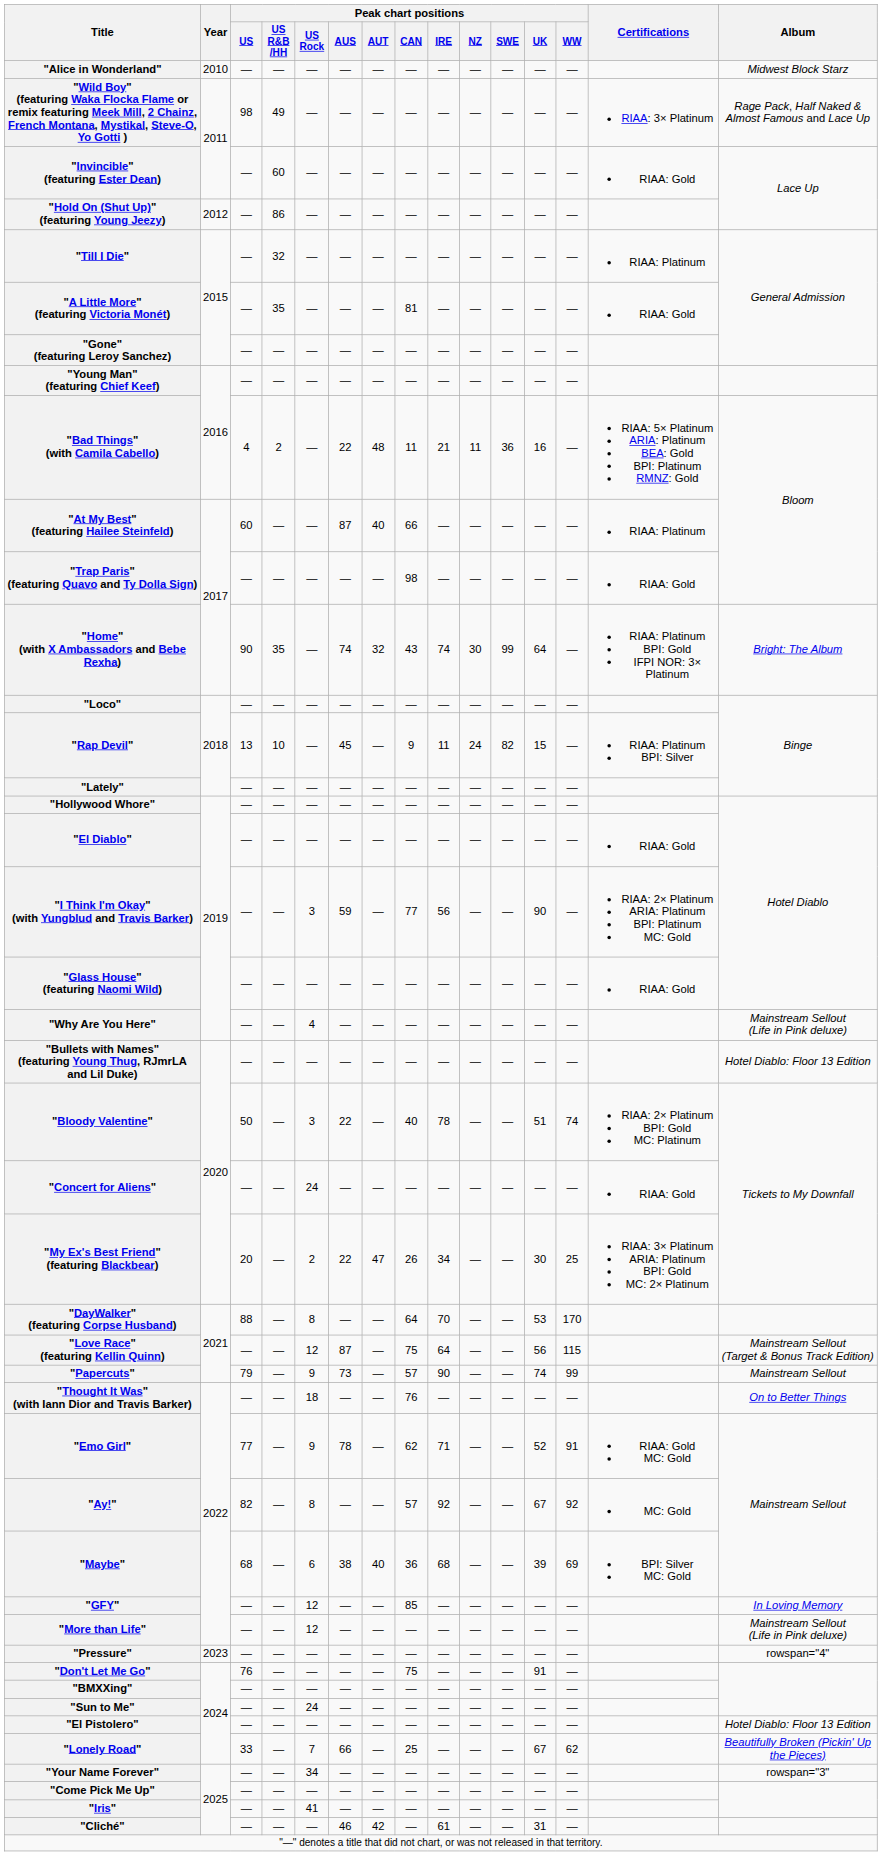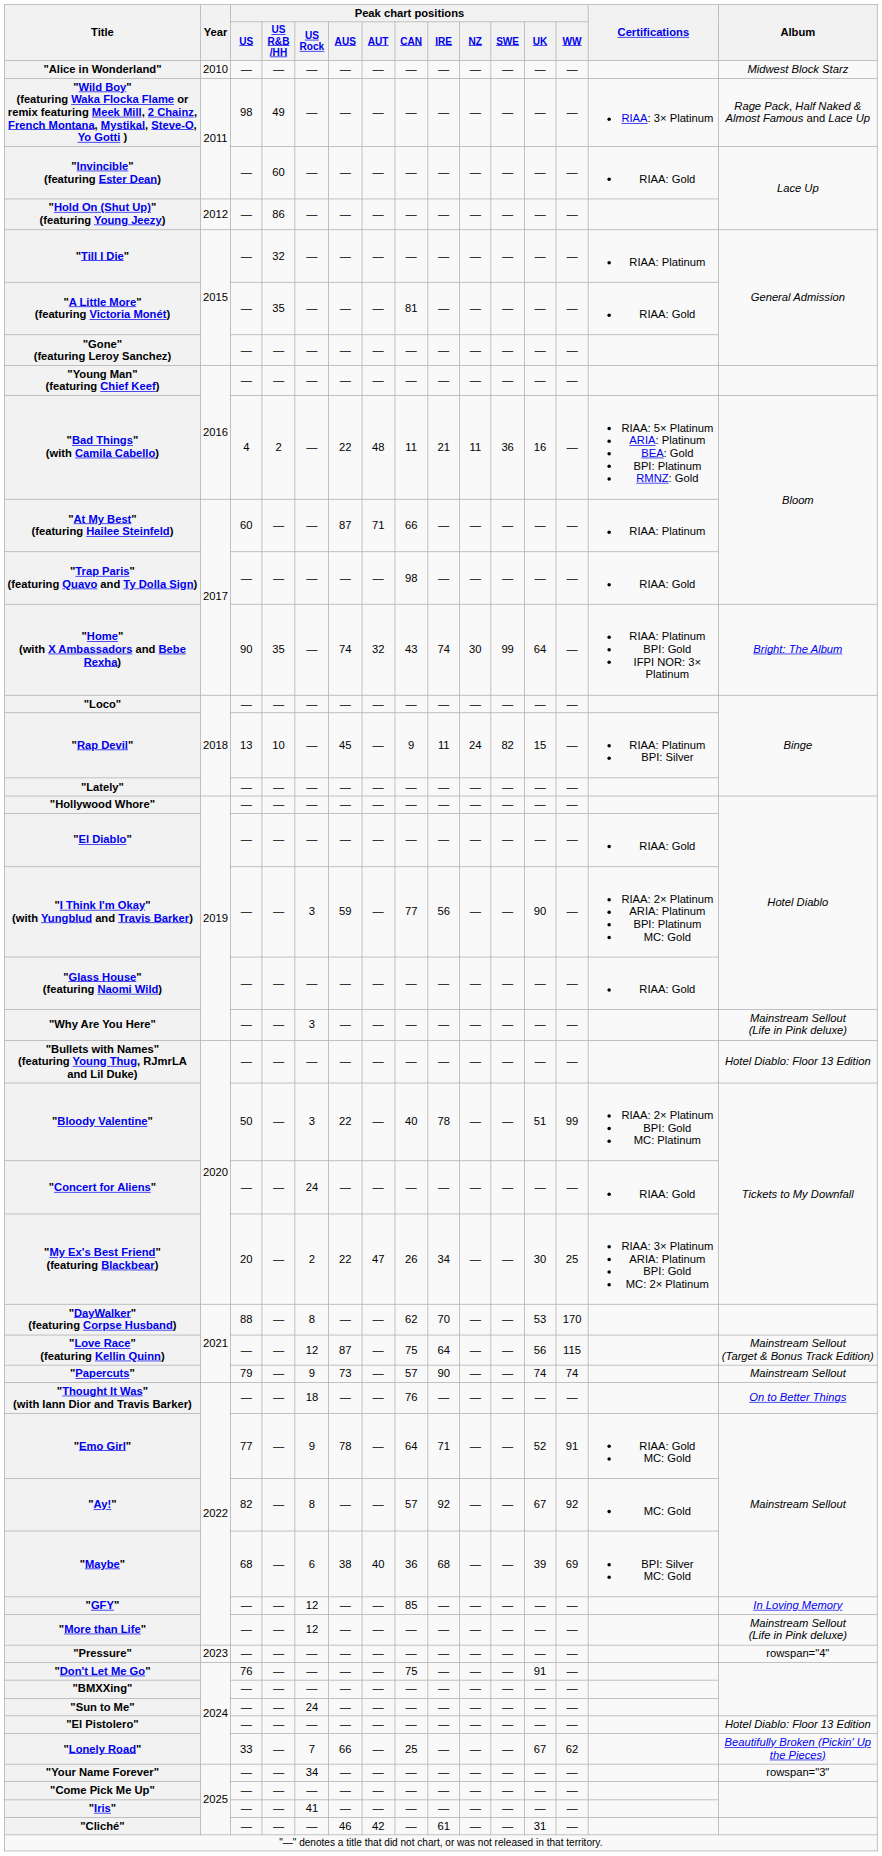 <table class="wikitable plainrowheaders" style="text-align:center;">
 <tr>
 <th scope="col" rowspan="2" style="width:20em;">Title</th>
 <th scope="col" rowspan="2" style="width:1em;">Year</th>
 <th scope="col" colspan="11">Peak chart positions</th>
 <th scope="col" rowspan="2" style="width:12.5em;"><a href='#'>Certifications</a></th>
 <th scope="col" rowspan="2" style="width:16em;">Album</th>
 </tr>
 <tr>
 <th style="width:3em;font-size:90%;"><a href='#'>US</a><br></th>
 <th style="width:3em;font-size:90%;"><a href='#'>US<br>R&B<br>/HH</a><br></th>
 <th style="width:3em;font-size:90%;"><a href='#'>US<br>Rock</a><br></th>
 <th style="width:3em;font-size:90%;"><a href='#'>AUS</a><br></th>
 <th style="width:3em;font-size:90%;"><a href='#'>AUT</a><br></th>
 <th style="width:3em;font-size:90%;"><a href='#'>CAN</a><br></th>
 <th style="width:3em;font-size:90%;"><a href='#'>IRE</a><br></th>
 <th style="width:3em;font-size:90%;"><a href='#'>NZ</a><br></th>
 <th style="width:3em;font-size:90%;"><a href='#'>SWE</a><br></th>
 <th style="width:3em;font-size:90%;"><a href='#'>UK</a><br></th>
 <th style="width:3em;font-size:90%;"><a href='#'>WW</a><br></th>
 </tr>
 <tr>
 <th scope="row">"Alice in Wonderland"</th>
 <td>2010</td>
 <td>—</td>
 <td>—</td>
 <td>—</td>
 <td>—</td>
 <td>—</td>
 <td>—</td>
 <td>—</td>
 <td>—</td>
 <td>—</td>
 <td>—</td>
 <td>—</td>
 <td></td>
 <td><em>Midwest Block Starz</em></td>
 </tr>
 <tr>
 <th scope="row">"<a href='#'>Wild Boy</a>"<br><span>(featuring <a href='#'>Waka Flocka Flame</a> or remix featuring <a href='#'>Meek Mill</a>, <a href='#'>2 Chainz</a>, <a href='#'>French Montana</a>, <a href='#'>Mystikal</a>, <a href='#'>Steve-O</a>, <a href='#'>Yo Gotti</a> )</span></th>
 <td rowspan="2">2011</td>
 <td>98</td>
 <td>49</td>
 <td>—</td>
 <td>—</td>
 <td>—</td>
 <td>—</td>
 <td>—</td>
 <td>—</td>
 <td>—</td>
 <td>—</td>
 <td>—</td>
 <td><br><ul><li><a href='#'>RIAA</a>: 3× Platinum</li></ul></td>
 <td><em>Rage Pack</em>, <em>Half Naked & Almost Famous</em> and <em>Lace Up</em></td>
 </tr>
 <tr>
 <th scope="row">"<a href='#'>Invincible</a>"<br><span>(featuring <a href='#'>Ester Dean</a>)</span></th>
 <td>—</td>
 <td>60</td>
 <td>—</td>
 <td>—</td>
 <td>—</td>
 <td>—</td>
 <td>—</td>
 <td>—</td>
 <td>—</td>
 <td>—</td>
 <td>—</td>
 <td><br><ul><li>RIAA: Gold</li></ul></td>
 <td rowspan="2"><em>Lace Up</em></td>
 </tr>
 <tr>
 <th scope="row">"<a href='#'>Hold On (Shut Up)</a>"<br><span>(featuring <a href='#'>Young Jeezy</a>)</span></th>
 <td>2012</td>
 <td>—</td>
 <td>86</td>
 <td>—</td>
 <td>—</td>
 <td>—</td>
 <td>—</td>
 <td>—</td>
 <td>—</td>
 <td>—</td>
 <td>—</td>
 <td>—</td>
 <td></td>
 </tr>
 <tr>
 <th scope="row">"<a href='#'>Till I Die</a>"</th>
 <td rowspan="3">2015</td>
 <td>—</td>
 <td>32</td>
 <td>—</td>
 <td>—</td>
 <td>—</td>
 <td>—</td>
 <td>—</td>
 <td>—</td>
 <td>—</td>
 <td>—</td>
 <td>—</td>
 <td><br><ul><li>RIAA: Platinum</li></ul></td>
 <td rowspan="3"><em>General Admission</em></td>
 </tr>
 <tr>
 <th scope="row">"<a href='#'>A Little More</a>"<br><span>(featuring <a href='#'>Victoria Monét</a>)</span></th>
 <td>—</td>
 <td>35</td>
 <td>—</td>
 <td>—</td>
 <td>—</td>
 <td>81</td>
 <td>—</td>
 <td>—</td>
 <td>—</td>
 <td>—</td>
 <td>—</td>
 <td><br><ul><li>RIAA: Gold</li></ul></td>
 </tr>
 <tr>
 <th scope="row">"Gone"<br><span>(featuring Leroy Sanchez)</span></th>
 <td>—</td>
 <td>—</td>
 <td>—</td>
 <td>—</td>
 <td>—</td>
 <td>—</td>
 <td>—</td>
 <td>—</td>
 <td>—</td>
 <td>—</td>
 <td>—</td>
 <td></td>
 </tr>
 <tr>
 <th scope="row">"Young Man"<br><span>(featuring <a href='#'>Chief Keef</a>)</span></th>
 <td rowspan="2">2016</td>
 <td>—</td>
 <td>—</td>
 <td>—</td>
 <td>—</td>
 <td>—</td>
 <td>—</td>
 <td>—</td>
 <td>—</td>
 <td>—</td>
 <td>—</td>
 <td>—</td>
 <td></td>
 <td></td>
 </tr>
 <tr>
 <th scope="row">"<a href='#'>Bad Things</a>"<br><span>(with <a href='#'>Camila Cabello</a>)</span></th>
 <td>4</td>
 <td>2</td>
 <td>—</td>
 <td>22</td>
 <td>48</td>
 <td>11</td>
 <td>21</td>
 <td>11</td>
 <td>36</td>
 <td>16</td>
 <td>—</td>
 <td><br><ul><li>RIAA: 5× Platinum</li><li><a href='#'>ARIA</a>: Platinum</li><li><a href='#'>BEA</a>: Gold</li><li>BPI: Platinum</li><li><a href='#'>RMNZ</a>: Gold</li></ul></td>
 <td rowspan="3"><em>Bloom</em></td>
 </tr>
 <tr>
 <th scope="row">"<a href='#'>At My Best</a>"<br><span>(featuring <a href='#'>Hailee Steinfeld</a>)</span></th>
 <td rowspan="3">2017</td>
 <td>60</td>
 <td>—</td>
 <td>—</td>
 <td>87</td>
-<td>40</td>
+<td>71</td>
 <td>66</td>
 <td>—</td>
 <td>—</td>
 <td>—</td>
 <td>—</td>
 <td>—</td>
 <td><br><ul><li>RIAA: Platinum</li></ul></td>
 </tr>
 <tr>
 <th scope="row">"<a href='#'>Trap Paris</a>"<br><span>(featuring <a href='#'>Quavo</a> and <a href='#'>Ty Dolla Sign</a>)</span></th>
 <td>—</td>
 <td>—</td>
 <td>—</td>
 <td>—</td>
 <td>—</td>
 <td>98</td>
 <td>—</td>
 <td>—</td>
 <td>—</td>
 <td>—</td>
 <td>—</td>
 <td><br><ul><li>RIAA: Gold</li></ul></td>
 </tr>
 <tr>
 <th scope="row">"<a href='#'>Home</a>"<br><span>(with <a href='#'>X Ambassadors</a> and <a href='#'>Bebe Rexha</a>)</span></th>
 <td>90</td>
 <td>35</td>
 <td>—</td>
 <td>74</td>
 <td>32</td>
 <td>43</td>
 <td>74</td>
 <td>30</td>
 <td>99</td>
 <td>64</td>
 <td>—</td>
 <td><br><ul><li>RIAA: Platinum</li><li>BPI: Gold</li><li>IFPI NOR: 3× Platinum</li></ul></td>
 <td><em><a href='#'>Bright: The Album</a></em></td>
 </tr>
 <tr>
 <th scope="row">"Loco"</th>
 <td rowspan="3">2018</td>
 <td>—</td>
 <td>—</td>
 <td>—</td>
 <td>—</td>
 <td>—</td>
 <td>—</td>
 <td>—</td>
 <td>—</td>
 <td>—</td>
 <td>—</td>
 <td>—</td>
 <td></td>
 <td rowspan="3"><em>Binge</em></td>
 </tr>
 <tr>
 <th scope="row">"<a href='#'>Rap Devil</a>"</th>
 <td>13</td>
 <td>10</td>
 <td>—</td>
 <td>45</td>
 <td>—</td>
 <td>9</td>
 <td>11</td>
 <td>24</td>
 <td>82</td>
 <td>15</td>
 <td>—</td>
 <td><br><ul><li>RIAA: Platinum</li><li>BPI: Silver</li></ul></td>
 </tr>
 <tr>
 <th scope="row">"Lately"</th>
 <td>—</td>
 <td>—</td>
 <td>—</td>
 <td>—</td>
 <td>—</td>
 <td>—</td>
 <td>—</td>
 <td>—</td>
 <td>—</td>
 <td>—</td>
 <td>—</td>
 <td></td>
 </tr>
 <tr>
 <th scope="row">"Hollywood Whore"</th>
 <td rowspan="5">2019</td>
 <td>—</td>
 <td>—</td>
 <td>—</td>
 <td>—</td>
 <td>—</td>
 <td>—</td>
 <td>—</td>
 <td>—</td>
 <td>—</td>
 <td>—</td>
 <td>—</td>
 <td></td>
 <td rowspan="4"><em>Hotel Diablo</em></td>
 </tr>
 <tr>
 <th scope="row">"<a href='#'>El Diablo</a>"</th>
 <td>—</td>
 <td>—</td>
 <td>—</td>
 <td>—</td>
 <td>—</td>
 <td>—</td>
 <td>—</td>
 <td>—</td>
 <td>—</td>
 <td>—</td>
 <td>—</td>
 <td><br><ul><li>RIAA: Gold</li></ul></td>
 </tr>
 <tr>
 <th scope="row">"<a href='#'>I Think I'm Okay</a>"<br><span>(with <a href='#'>Yungblud</a> and <a href='#'>Travis Barker</a>)</span></th>
 <td>—</td>
 <td>—</td>
 <td>3</td>
 <td>59</td>
 <td>—</td>
 <td>77</td>
 <td>56</td>
 <td>—</td>
 <td>—</td>
 <td>90</td>
 <td>—</td>
 <td><br><ul><li>RIAA: 2× Platinum</li><li>ARIA: Platinum</li><li>BPI: Platinum</li><li>MC: Gold</li></ul></td>
 </tr>
 <tr>
 <th scope="row">"<a href='#'>Glass House</a>"<br><span>(featuring <a href='#'>Naomi Wild</a>)</span></th>
 <td>—</td>
 <td>—</td>
 <td>—</td>
 <td>—</td>
 <td>—</td>
 <td>—</td>
 <td>—</td>
 <td>—</td>
 <td>—</td>
 <td>—</td>
 <td>—</td>
 <td><br><ul><li>RIAA: Gold</li></ul></td>
 </tr>
 <tr>
 <th scope="row">"Why Are You Here"</th>
 <td>—</td>
 <td>—</td>
-<td>4</td>
+<td>3</td>
 <td>—</td>
 <td>—</td>
 <td>—</td>
 <td>—</td>
 <td>—</td>
 <td>—</td>
 <td>—</td>
 <td>—</td>
 <td></td>
 <td><em>Mainstream Sellout</em><br><em>(Life in Pink deluxe)</em></td>
 </tr>
 <tr>
 <th scope="row">"Bullets with Names"<br><span>(featuring <a href='#'>Young Thug</a>, RJmrLA and Lil Duke)</span></th>
 <td rowspan="4">2020</td>
 <td>—</td>
 <td>—</td>
 <td>—</td>
 <td>—</td>
 <td>—</td>
 <td>—</td>
 <td>—</td>
 <td>—</td>
 <td>—</td>
 <td>—</td>
 <td>—</td>
 <td></td>
 <td><em>Hotel Diablo: Floor 13 Edition</em></td>
 </tr>
 <tr>
 <th scope="row">"<a href='#'>Bloody Valentine</a>"</th>
 <td>50</td>
 <td>—</td>
 <td>3</td>
 <td>22</td>
 <td>—</td>
 <td>40</td>
 <td>78</td>
 <td>—</td>
 <td>—</td>
 <td>51</td>
-<td>74</td>
+<td>99</td>
 <td><br><ul><li>RIAA: 2× Platinum</li><li>BPI: Gold</li><li>MC: Platinum</li></ul></td>
 <td rowspan="3"><em>Tickets to My Downfall</em></td>
 </tr>
 <tr>
 <th scope="row">"<a href='#'>Concert for Aliens</a>"</th>
 <td>—</td>
 <td>—</td>
 <td>24</td>
 <td>—</td>
 <td>—</td>
 <td>—</td>
 <td>—</td>
 <td>—</td>
 <td>—</td>
 <td>—</td>
 <td>—</td>
 <td><br><ul><li>RIAA: Gold</li></ul></td>
 </tr>
 <tr>
 <th scope="row">"<a href='#'>My Ex's Best Friend</a>"<br><span>(featuring <a href='#'>Blackbear</a>)</span></th>
 <td>20</td>
 <td>—</td>
 <td>2</td>
 <td>22</td>
 <td>47</td>
 <td>26</td>
 <td>34</td>
 <td>—</td>
 <td>—</td>
 <td>30</td>
 <td>25</td>
 <td><br><ul><li>RIAA: 3× Platinum</li><li>ARIA: Platinum</li><li>BPI: Gold</li><li>MC: 2× Platinum</li></ul></td>
 </tr>
 <tr>
 <th scope="row">"<a href='#'>DayWalker</a>"<br><span>(featuring <a href='#'>Corpse Husband</a>)</span></th>
 <td rowspan=3>2021</td>
 <td>88</td>
 <td>—</td>
 <td>8</td>
 <td>—</td>
 <td>—</td>
-<td>64</td>
+<td>62</td>
 <td>70</td>
 <td>—</td>
 <td>—</td>
 <td>53</td>
 <td>170</td>
 <td></td>
 <td></td>
 </tr>
 <tr>
 <th scope="row">"<a href='#'>Love Race</a>"<br><span>(featuring <a href='#'>Kellin Quinn</a>)</span></th>
 <td>—</td>
 <td>—</td>
 <td>12</td>
 <td>87</td>
 <td>—</td>
 <td>75</td>
 <td>64</td>
 <td>—</td>
 <td>—</td>
 <td>56</td>
 <td>115</td>
 <td></td>
 <td><em>Mainstream Sellout</em><br><em>(Target & Bonus Track Edition)</em></td>
 </tr>
 <tr>
 <th scope="row">"<a href='#'>Papercuts</a>"</th>
 <td>79</td>
 <td>—</td>
 <td>9</td>
 <td>73</td>
 <td>—</td>
 <td>57</td>
 <td>90</td>
 <td>—</td>
 <td>—</td>
 <td>74</td>
-<td>99</td>
+<td>74</td>
 <td></td>
 <td><em>Mainstream Sellout</em></td>
 </tr>
 <tr>
 <th scope="row">"<a href='#'>Thought It Was</a>"<br><span>(with Iann Dior and Travis Barker)</span></th>
 <td rowspan="6">2022</td>
 <td>—</td>
 <td>—</td>
 <td>18</td>
 <td>—</td>
 <td>—</td>
 <td>76</td>
 <td>—</td>
 <td>—</td>
 <td>—</td>
 <td>—</td>
 <td>—</td>
 <td></td>
 <td><em><a href='#'>On to Better Things</a></em></td>
 </tr>
 <tr>
 <th scope="row">"<a href='#'>Emo Girl</a>"<br></th>
 <td>77</td>
 <td>—</td>
 <td>9</td>
 <td>78</td>
 <td>—</td>
-<td>62</td>
+<td>64</td>
 <td>71</td>
 <td>—</td>
 <td>—</td>
 <td>52</td>
 <td>91</td>
 <td><br><ul><li>RIAA: Gold</li><li>MC: Gold</li></ul></td>
 <td rowspan="3"><em>Mainstream Sellout</em></td>
 </tr>
 <tr>
 <th scope="row">"<a href='#'>Ay!</a>"<br></th>
 <td>82</td>
 <td>—</td>
 <td>8</td>
 <td>—</td>
 <td>—</td>
 <td>57</td>
 <td>92</td>
 <td>—</td>
 <td>—</td>
 <td>67</td>
 <td>92</td>
 <td><br><ul><li>MC: Gold</li></ul></td>
 </tr>
 <tr>
 <th scope="row">"<a href='#'>Maybe</a>"<br></th>
 <td>68</td>
 <td>—</td>
 <td>6</td>
 <td>38</td>
 <td>40</td>
 <td>36</td>
 <td>68</td>
 <td>—</td>
 <td>—</td>
 <td>39</td>
 <td>69</td>
 <td><br><ul><li>BPI: Silver</li><li>MC: Gold</li></ul></td>
 </tr>
 <tr>
 <th scope="row">"<a href='#'>GFY</a>"<br></th>
 <td>—</td>
 <td>—</td>
 <td>12</td>
 <td>—</td>
 <td>—</td>
 <td>85</td>
 <td>—</td>
 <td>—</td>
 <td>—</td>
 <td>—</td>
 <td>—</td>
 <td></td>
 <td><em><a href='#'>In Loving Memory</a></em></td>
 </tr>
 <tr>
 <th scope="row">"<a href='#'>More than Life</a>"<br></th>
 <td>—</td>
 <td>—</td>
 <td>12</td>
 <td>—</td>
 <td>—</td>
 <td>—</td>
 <td>—</td>
 <td>—</td>
 <td>—</td>
 <td>—</td>
 <td>—</td>
 <td></td>
 <td><em>Mainstream Sellout</em><br><em>(Life in Pink deluxe)</em></td>
 </tr>
 <tr>
 <th scope="row">"Pressure"</th>
 <td>2023</td>
 <td>—</td>
 <td>—</td>
 <td>—</td>
 <td>—</td>
 <td>—</td>
 <td>—</td>
 <td>—</td>
 <td>—</td>
 <td>—</td>
 <td>—</td>
 <td>—</td>
 <td></td>
 <td>rowspan="4" </td>
 </tr>
 <tr>
 <th scope="row">"<a href='#'>Don't Let Me Go</a>"</th>
 <td rowspan="5">2024</td>
 <td>76</td>
 <td>—</td>
 <td>—</td>
 <td>—</td>
 <td>—</td>
 <td>75</td>
 <td>—</td>
 <td>—</td>
 <td>—</td>
 <td>91</td>
 <td>—</td>
 <td></td>
 </tr>
 <tr>
 <th scope="row">"BMXXing"</th>
 <td>—</td>
 <td>—</td>
 <td>—</td>
 <td>—</td>
 <td>—</td>
 <td>—</td>
 <td>—</td>
 <td>—</td>
 <td>—</td>
 <td>—</td>
 <td>—</td>
 <td></td>
 </tr>
 <tr>
 <th scope="row">"Sun to Me"</th>
 <td>—</td>
 <td>—</td>
 <td>24</td>
 <td>—</td>
 <td>—</td>
 <td>—</td>
 <td>—</td>
 <td>—</td>
 <td>—</td>
 <td>—</td>
 <td>—</td>
 <td></td>
 </tr>
 <tr>
 <th scope="row">"El Pistolero"</th>
 <td>—</td>
 <td>—</td>
 <td>—</td>
 <td>—</td>
 <td>—</td>
 <td>—</td>
 <td>—</td>
 <td>—</td>
 <td>—</td>
 <td>—</td>
 <td>—</td>
 <td></td>
 <td><em>Hotel Diablo: Floor 13 Edition</em></td>
 </tr>
 <tr>
 <th scope="row">"<a href='#'>Lonely Road</a>"<br></th>
 <td>33</td>
 <td>—</td>
 <td>7</td>
 <td>66</td>
 <td>—</td>
 <td>25</td>
 <td>—</td>
 <td>—</td>
 <td>—</td>
 <td>67</td>
 <td>62</td>
 <td></td>
 <td><em><a href='#'>Beautifully Broken (Pickin' Up the Pieces)</a></em></td>
 </tr>
 <tr>
 <th scope="row">"Your Name Forever"</th>
 <td rowspan="4">2025</td>
 <td>—</td>
 <td>—</td>
 <td>34</td>
 <td>—</td>
 <td>—</td>
 <td>—</td>
 <td>—</td>
 <td>—</td>
 <td>—</td>
 <td>—</td>
 <td>—</td>
 <td></td>
 <td>rowspan="3" </td>
 </tr>
 <tr>
 <th scope="row">"Come Pick Me Up"</th>
 <td>—</td>
 <td>—</td>
 <td>—</td>
 <td>—</td>
 <td>—</td>
 <td>—</td>
 <td>—</td>
 <td>—</td>
 <td>—</td>
 <td>—</td>
 <td>—</td>
 <td></td>
 </tr>
 <tr>
 <th scope="row">"<a href='#'>Iris</a>"<br></th>
 <td>—</td>
 <td>—</td>
 <td>41</td>
 <td>—</td>
 <td>—</td>
 <td>—</td>
 <td>—</td>
 <td>—</td>
 <td>—</td>
 <td>—</td>
 <td>—</td>
 <td></td>
 </tr>
 <tr>
 <th scope="row">"Cliché"</th>
 <td>—</td>
 <td>—</td>
 <td>—</td>
 <td>46<br></td>
 <td>42</td>
 <td>—</td>
 <td>61<br></td>
 <td>—</td>
 <td>—</td>
 <td>31<br></td>
 <td>—</td>
 <td></td>
 <td></td>
 </tr>
 <tr>
 <td colspan="15" style="font-size:90%">"—" denotes a title that did not chart, or was not released in that territory.</td>
 </tr>
 </table>
